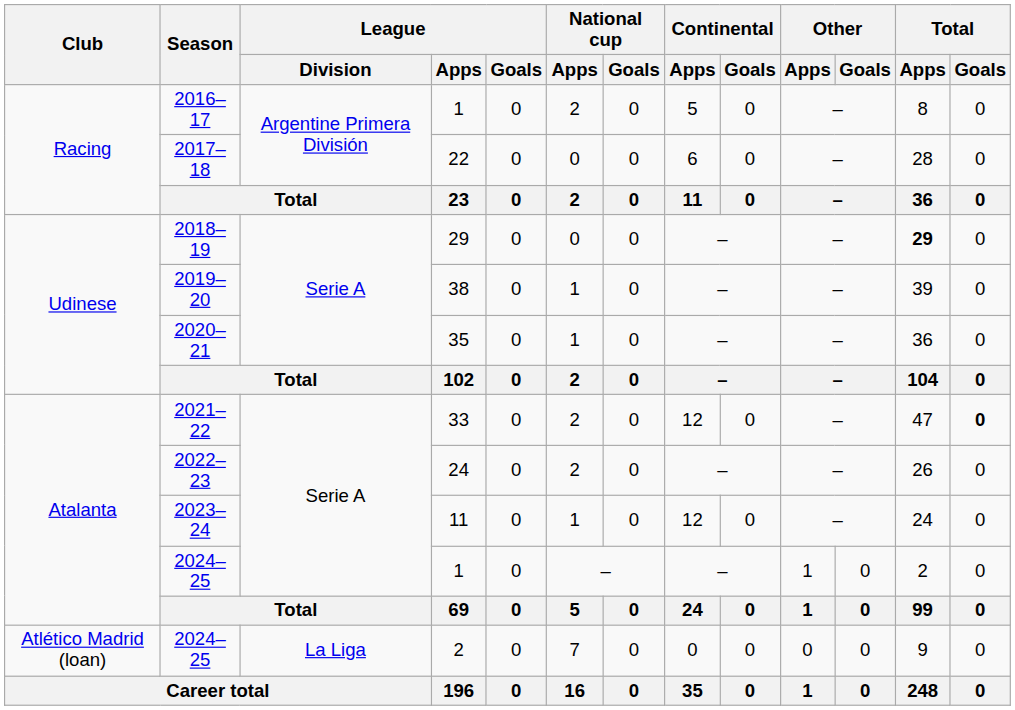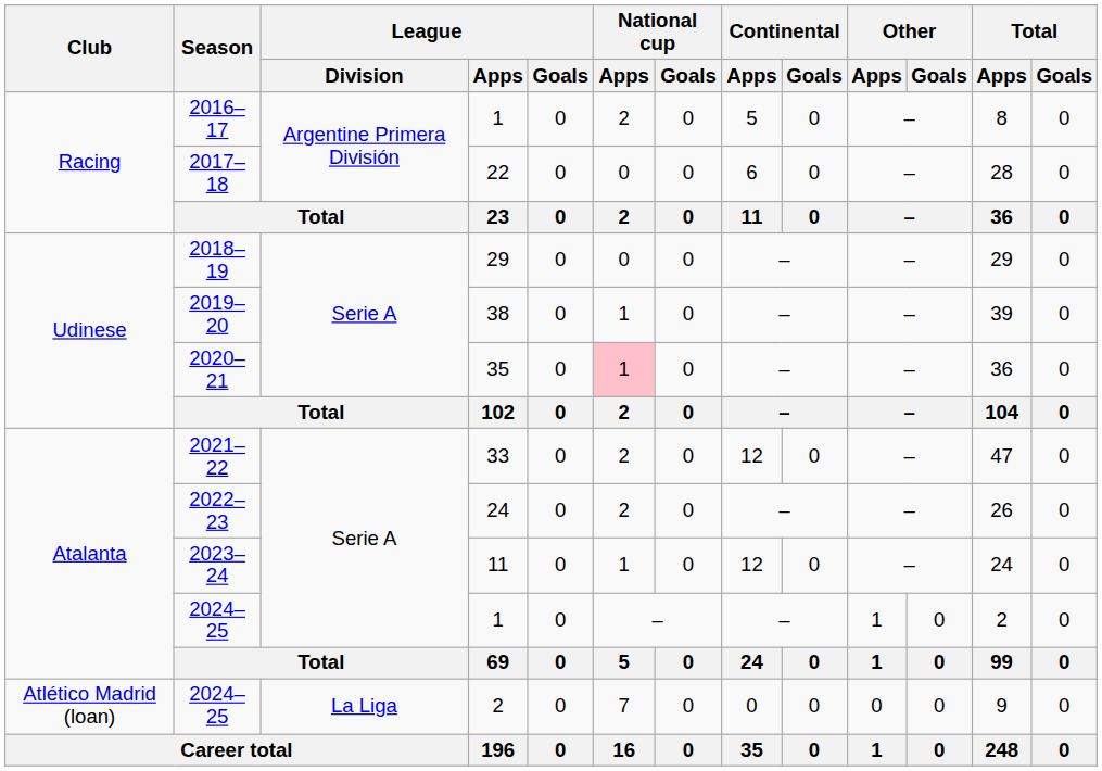 <table class="wikitable" style="text-align:center">
 <tr>
 <th rowspan="2">Club</th>
 <th rowspan="2">Season</th>
 <th colspan="3">League</th>
 <th colspan="2">National cup</th>
 <th colspan="2">Continental</th>
 <th colspan="2">Other</th>
 <th colspan="2">Total</th>
 </tr>
 <tr>
 <th>Division</th>
 <th>Apps</th>
 <th>Goals</th>
 <th>Apps</th>
 <th>Goals</th>
 <th>Apps</th>
 <th>Goals</th>
 <th>Apps</th>
 <th>Goals</th>
 <th>Apps</th>
 <th>Goals</th>
 </tr>
 <tr>
 <td rowspan="3"><a href='#'>Racing</a></td>
 <td><a href='#'>2016–17</a></td>
 <td rowspan="2"><a href='#'>Argentine Primera División</a></td>
 <td>1</td>
 <td>0</td>
 <td>2</td>
 <td>0</td>
 <td>5</td>
 <td>0</td>
 <td colspan="2">–</td>
 <td>8</td>
 <td>0</td>
 </tr>
 <tr>
 <td><a href='#'>2017–18</a></td>
 <td>22</td>
 <td>0</td>
 <td>0</td>
 <td>0</td>
 <td>6</td>
 <td>0</td>
 <td colspan="2">–</td>
 <td>28</td>
 <td>0</td>
 </tr>
 <tr>
 <th colspan="2">Total</th>
 <th>23</th>
 <th>0</th>
 <th>2</th>
 <th>0</th>
 <th>11</th>
 <th>0</th>
 <th colspan="2">–</th>
 <th>36</th>
 <th>0</th>
 </tr>
 <tr>
 <td rowspan="4"><a href='#'>Udinese</a></td>
 <td><a href='#'>2018–19</a></td>
 <td rowspan="3"><a href='#'>Serie A</a></td>
 <td>29</td>
 <td>0</td>
 <td>0</td>
 <td>0</td>
 <td colspan="2">–</td>
 <td colspan="2">–</td>
-<td><strong>29</strong></td>
+<td>29</td>
 <td>0</td>
 </tr>
 <tr>
 <td><a href='#'>2019–20</a></td>
 <td>38</td>
 <td>0</td>
 <td>1</td>
 <td>0</td>
 <td colspan="2">–</td>
 <td colspan="2">–</td>
 <td>39</td>
 <td>0</td>
 </tr>
 <tr>
 <td><a href='#'>2020–21</a></td>
 <td>35</td>
 <td>0</td>
-<td>1</td>
+<td style="background: pink;">1</td>
 <td>0</td>
 <td colspan="2">–</td>
 <td colspan="2">–</td>
 <td>36</td>
 <td>0</td>
 </tr>
 <tr>
 <th colspan="2">Total</th>
 <th>102</th>
 <th>0</th>
 <th>2</th>
 <th>0</th>
 <th colspan="2">–</th>
 <th colspan="2">–</th>
 <th>104</th>
 <th>0</th>
 </tr>
 <tr>
 <td rowspan="5"><a href='#'>Atalanta</a></td>
 <td><a href='#'>2021–22</a></td>
 <td rowspan="4">Serie A</td>
 <td>33</td>
 <td>0</td>
 <td>2</td>
 <td>0</td>
 <td>12</td>
 <td>0</td>
 <td colspan="2">–</td>
 <td>47</td>
-<td><strong>0</strong></td>
+<td>0</td>
 </tr>
 <tr>
 <td><a href='#'>2022–23</a></td>
 <td>24</td>
 <td>0</td>
 <td>2</td>
 <td>0</td>
 <td colspan="2">–</td>
 <td colspan="2">–</td>
 <td>26</td>
 <td>0</td>
 </tr>
 <tr>
 <td><a href='#'>2023–24</a></td>
 <td>11</td>
 <td>0</td>
 <td>1</td>
 <td>0</td>
 <td>12</td>
 <td>0</td>
 <td colspan="2">–</td>
 <td>24</td>
 <td>0</td>
 </tr>
 <tr>
 <td><a href='#'>2024–25</a></td>
 <td>1</td>
 <td>0</td>
 <td colspan="2">–</td>
 <td colspan="2">–</td>
 <td>1</td>
 <td>0</td>
 <td>2</td>
 <td>0</td>
 </tr>
 <tr>
 <th colspan="2">Total</th>
 <th>69</th>
 <th>0</th>
 <th>5</th>
 <th>0</th>
 <th>24</th>
 <th>0</th>
 <th>1</th>
 <th>0</th>
 <th>99</th>
 <th>0</th>
 </tr>
 <tr>
 <td><a href='#'>Atlético Madrid</a> (loan)</td>
 <td><a href='#'>2024–25</a></td>
 <td><a href='#'>La Liga</a></td>
 <td>2</td>
 <td>0</td>
 <td>7</td>
 <td>0</td>
 <td>0</td>
 <td>0</td>
 <td>0</td>
 <td>0</td>
 <td>9</td>
 <td>0</td>
 </tr>
 <tr>
 <th colspan="3">Career total</th>
 <th>196</th>
 <th>0</th>
 <th>16</th>
 <th>0</th>
 <th>35</th>
 <th>0</th>
 <th>1</th>
 <th>0</th>
 <th>248</th>
 <th>0</th>
 </tr>
 </table>
